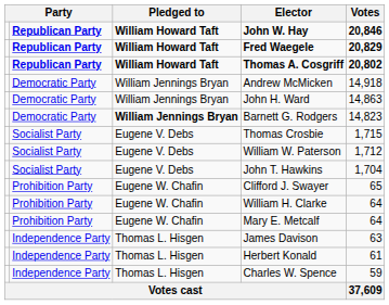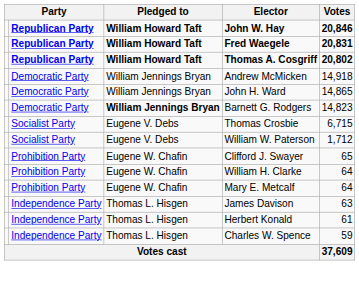 <table class="wikitable">
 <tr>
 <th colspan=2>Party</th>
 <th>Pledged to</th>
 <th>Elector</th>
 <th>Votes</th>
 </tr>
 <tr style="font-weight:bold">
 <td></td>
 <td><a href='#'>Republican Party</a></td>
 <td>William Howard Taft</td>
 <td>John W. Hay</td>
 <td align="right">20,846</td>
 </tr>
 <tr style="font-weight:bold">
 <td></td>
 <td><a href='#'>Republican Party</a></td>
 <td>William Howard Taft</td>
 <td>Fred Waegele</td>
-<td align="right">20,829</td>
+<td align="right">20,831</td>
 </tr>
 <tr style="font-weight:bold">
 <td></td>
 <td><a href='#'>Republican Party</a></td>
 <td>William Howard Taft</td>
 <td>Thomas A. Cosgriff</td>
 <td align="right">20,802</td>
 </tr>
 <tr>
 <td></td>
 <td><a href='#'>Democratic Party</a></td>
 <td>William Jennings Bryan</td>
 <td>Andrew McMicken</td>
 <td align="right">14,918</td>
 </tr>
 <tr>
 <td></td>
 <td><a href='#'>Democratic Party</a></td>
 <td>William Jennings Bryan</td>
 <td>John H. Ward</td>
-<td align="right">14,863</td>
+<td align="right">14,865</td>
 </tr>
 <tr>
 <td></td>
 <td><a href='#'>Democratic Party</a></td>
 <td><strong>William Jennings Bryan</strong></td>
 <td>Barnett G. Rodgers</td>
 <td align="right">14,823</td>
 </tr>
 <tr>
 <td></td>
 <td><a href='#'>Socialist Party</a></td>
 <td>Eugene V. Debs</td>
 <td>Thomas Crosbie</td>
-<td align="right">1,715</td>
+<td align="right">6,715</td>
 </tr>
 <tr>
 <td></td>
 <td><a href='#'>Socialist Party</a></td>
 <td>Eugene V. Debs</td>
 <td>William W. Paterson</td>
 <td align="right">1,712</td>
-</tr>
-<tr>
-<td></td>
-<td><a href='#'>Socialist Party</a></td>
-<td>Eugene V. Debs</td>
-<td>John T. Hawkins</td>
-<td align="right">1,704</td>
 </tr>
 <tr>
 <td></td>
 <td><a href='#'>Prohibition Party</a></td>
 <td>Eugene W. Chafin</td>
 <td>Clifford J. Swayer</td>
 <td align="right">65</td>
 </tr>
 <tr>
 <td></td>
 <td><a href='#'>Prohibition Party</a></td>
 <td>Eugene W. Chafin</td>
 <td>William H. Clarke</td>
 <td align="right">64</td>
 </tr>
 <tr>
 <td></td>
 <td><a href='#'>Prohibition Party</a></td>
 <td>Eugene W. Chafin</td>
 <td>Mary E. Metcalf</td>
 <td align="right">64</td>
 </tr>
 <tr>
 <td></td>
 <td><a href='#'>Independence Party</a></td>
 <td>Thomas L. Hisgen</td>
 <td>James Davison</td>
 <td align="right">63</td>
 </tr>
 <tr>
 <td></td>
 <td><a href='#'>Independence Party</a></td>
 <td>Thomas L. Hisgen</td>
 <td>Herbert Konald</td>
 <td align="right">61</td>
 </tr>
 <tr>
 <td></td>
 <td><a href='#'>Independence Party</a></td>
 <td>Thomas L. Hisgen</td>
 <td>Charles W. Spence</td>
 <td align="right">59</td>
 </tr>
 <tr>
 <th colspan="4">Votes cast</th>
 <th>37,609</th>
 </tr>
 </table>
